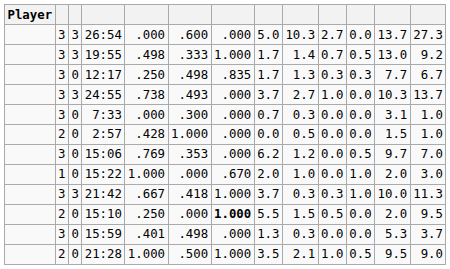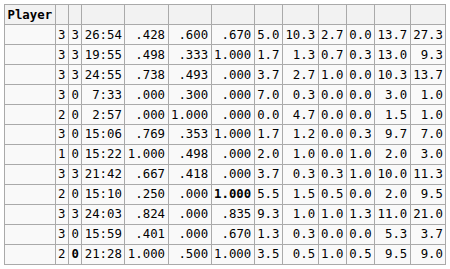 <table class="wikitable sortable" style="font-size:95%; text-align:right;">
 <tr>
 <th>Player</th>
 <th></th>
 <th></th>
 <th></th>
 <th></th>
 <th></th>
 <th></th>
 <th></th>
 <th></th>
 <th></th>
 <th></th>
 <th></th>
 <th></th>
 </tr>
 <tr>
 <td></td>
 <td>3</td>
 <td>3</td>
 <td>26:54</td>
-<td>.000</td>
+<td>.428</td>
 <td>.600</td>
-<td>.000</td>
+<td>.670</td>
 <td>5.0</td>
 <td>10.3</td>
 <td>2.7</td>
 <td>0.0</td>
 <td>13.7</td>
 <td>27.3</td>
 </tr>
 <tr>
 <td></td>
 <td>3</td>
 <td>3</td>
 <td>19:55</td>
 <td>.498</td>
 <td>.333</td>
 <td>1.000</td>
 <td>1.7</td>
-<td>1.4</td>
+<td>1.3</td>
 <td>0.7</td>
-<td>0.5</td>
+<td>0.3</td>
 <td>13.0</td>
-<td>9.2</td>
-</tr>
-<tr>
-<td></td>
-<td>3</td>
-<td>0</td>
-<td>12:17</td>
-<td>.250</td>
-<td>.498</td>
-<td>.835</td>
-<td>1.7</td>
-<td>1.3</td>
-<td>0.3</td>
-<td>0.3</td>
-<td>7.7</td>
-<td>6.7</td>
+<td>9.3</td>
 </tr>
 <tr>
 <td></td>
 <td>3</td>
 <td>3</td>
 <td>24:55</td>
 <td>.738</td>
 <td>.493</td>
 <td>.000</td>
 <td>3.7</td>
 <td>2.7</td>
 <td>1.0</td>
 <td>0.0</td>
 <td>10.3</td>
 <td>13.7</td>
 </tr>
 <tr>
 <td></td>
 <td>3</td>
 <td>0</td>
 <td>7:33</td>
 <td>.000</td>
 <td>.300</td>
 <td>.000</td>
-<td>0.7</td>
+<td>7.0</td>
 <td>0.3</td>
 <td>0.0</td>
 <td>0.0</td>
-<td>3.1</td>
+<td>3.0</td>
 <td>1.0</td>
 </tr>
 <tr>
 <td></td>
 <td>2</td>
 <td>0</td>
 <td>2:57</td>
-<td>.428</td>
+<td>.000</td>
 <td>1.000</td>
 <td>.000</td>
 <td>0.0</td>
-<td>0.5</td>
+<td>4.7</td>
 <td>0.0</td>
 <td>0.0</td>
 <td>1.5</td>
 <td>1.0</td>
 </tr>
 <tr>
 <td></td>
 <td>3</td>
 <td>0</td>
 <td>15:06</td>
 <td>.769</td>
 <td>.353</td>
-<td>.000</td>
-<td>6.2</td>
+<td>1.000</td>
+<td>1.7</td>
 <td>1.2</td>
 <td>0.0</td>
-<td>0.5</td>
+<td>0.3</td>
 <td>9.7</td>
 <td>7.0</td>
 </tr>
 <tr>
 <td></td>
 <td>1</td>
 <td>0</td>
 <td>15:22</td>
 <td>1.000</td>
+<td>.498</td>
 <td>.000</td>
-<td>.670</td>
 <td>2.0</td>
 <td>1.0</td>
 <td>0.0</td>
 <td>1.0</td>
 <td>2.0</td>
 <td>3.0</td>
 </tr>
 <tr>
 <td></td>
 <td>3</td>
 <td>3</td>
 <td>21:42</td>
 <td>.667</td>
 <td>.418</td>
-<td>1.000</td>
+<td>.000</td>
 <td>3.7</td>
 <td>0.3</td>
 <td>0.3</td>
 <td>1.0</td>
 <td>10.0</td>
 <td>11.3</td>
 </tr>
 <tr>
 <td></td>
 <td>2</td>
 <td>0</td>
 <td>15:10</td>
 <td>.250</td>
 <td>.000</td>
 <td><strong>1.000</strong></td>
 <td>5.5</td>
 <td>1.5</td>
 <td>0.5</td>
 <td>0.0</td>
 <td>2.0</td>
 <td>9.5</td>
 </tr>
 <tr>
 <td></td>
 <td>3</td>
+<td>3</td>
+<td>24:03</td>
+<td>.824</td>
+<td>.000</td>
+<td>.835</td>
+<td>9.3</td>
+<td>1.0</td>
+<td>1.0</td>
+<td>1.3</td>
+<td>11.0</td>
+<td>21.0</td>
+</tr>
+<tr>
+<td></td>
+<td>3</td>
 <td>0</td>
 <td>15:59</td>
 <td>.401</td>
-<td>.498</td>
 <td>.000</td>
+<td>.670</td>
 <td>1.3</td>
 <td>0.3</td>
 <td>0.0</td>
 <td>0.0</td>
 <td>5.3</td>
 <td>3.7</td>
 </tr>
 <tr>
 <td></td>
 <td>2</td>
-<td>0</td>
+<td><strong>0</strong></td>
 <td>21:28</td>
 <td>1.000</td>
 <td>.500</td>
 <td>1.000</td>
 <td>3.5</td>
-<td>2.1</td>
+<td>0.5</td>
 <td>1.0</td>
 <td>0.5</td>
 <td>9.5</td>
 <td>9.0</td>
 </tr>
 </table>
